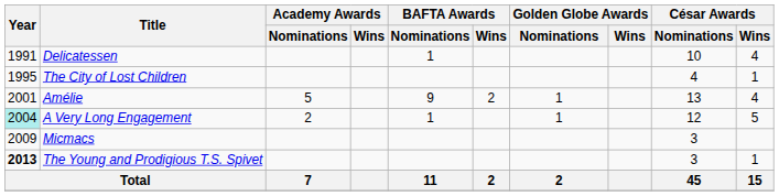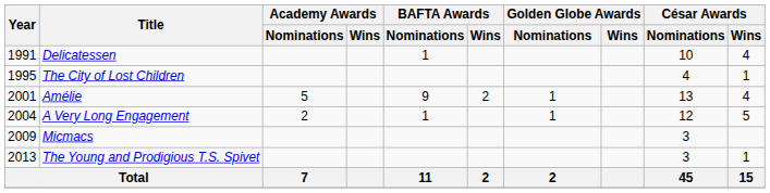 <table class="wikitable">
 <tr>
 <th rowspan="2">Year</th>
 <th rowspan="2">Title</th>
 <th colspan="2">Academy Awards</th>
 <th colspan="2">BAFTA Awards</th>
 <th colspan="2">Golden Globe Awards</th>
 <th colspan="2">César Awards</th>
 </tr>
 <tr>
 <th>Nominations</th>
 <th>Wins</th>
 <th>Nominations</th>
 <th>Wins</th>
 <th>Nominations</th>
 <th>Wins</th>
 <th>Nominations</th>
 <th>Wins</th>
 </tr>
 <tr>
 <td>1991</td>
 <td><em><a href='#'>Delicatessen</a></em></td>
 <td></td>
 <td></td>
 <td align=center>1</td>
 <td></td>
 <td></td>
 <td></td>
 <td align=center>10</td>
 <td align=center>4</td>
 </tr>
 <tr>
 <td>1995</td>
 <td><em><a href='#'>The City of Lost Children</a></em></td>
 <td></td>
 <td></td>
 <td></td>
 <td></td>
 <td></td>
 <td></td>
 <td align=center>4</td>
 <td align=center>1</td>
 </tr>
 <tr>
 <td>2001</td>
 <td><em><a href='#'>Amélie</a></em></td>
 <td align=center>5</td>
 <td></td>
 <td align=center>9</td>
 <td align=center>2</td>
 <td align=center>1</td>
 <td></td>
 <td align=center>13</td>
 <td align=center>4</td>
 </tr>
 <tr>
-<td style="background: paleturquoise;">2004</td>
+<td>2004</td>
 <td><em><a href='#'>A Very Long Engagement</a></em></td>
 <td align=center>2</td>
 <td></td>
 <td align=center>1</td>
 <td></td>
 <td align=center>1</td>
 <td></td>
 <td align=center>12</td>
 <td align=center>5</td>
 </tr>
 <tr>
 <td>2009</td>
 <td><em><a href='#'>Micmacs</a></em></td>
 <td></td>
 <td></td>
 <td></td>
 <td></td>
 <td></td>
 <td></td>
 <td align=center>3</td>
 <td></td>
 </tr>
 <tr>
-<td><strong>2013</strong></td>
+<td>2013</td>
 <td><em><a href='#'>The Young and Prodigious T.S. Spivet</a></em></td>
 <td></td>
 <td></td>
 <td></td>
 <td></td>
 <td></td>
 <td></td>
 <td align=center>3</td>
 <td align=center>1</td>
 </tr>
 <tr>
 <th colspan="2">Total</th>
 <th>7</th>
 <th></th>
 <th>11</th>
 <th>2</th>
 <th>2</th>
 <th></th>
 <th>45</th>
 <th>15</th>
 </tr>
 <tr>
 </tr>
 </table>
